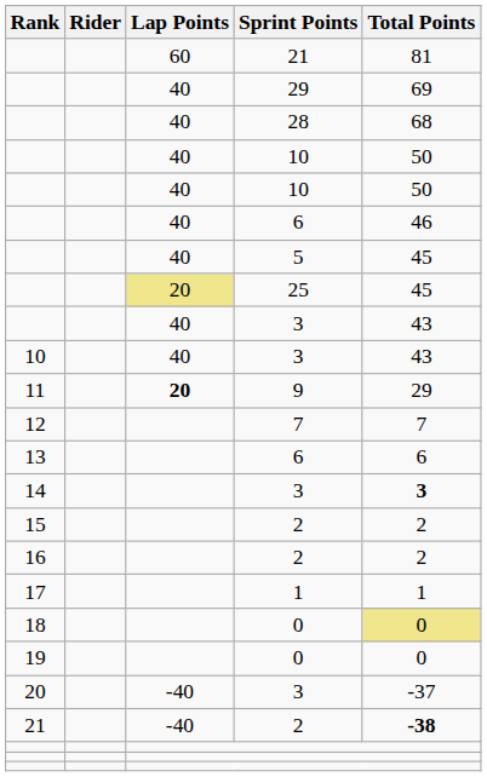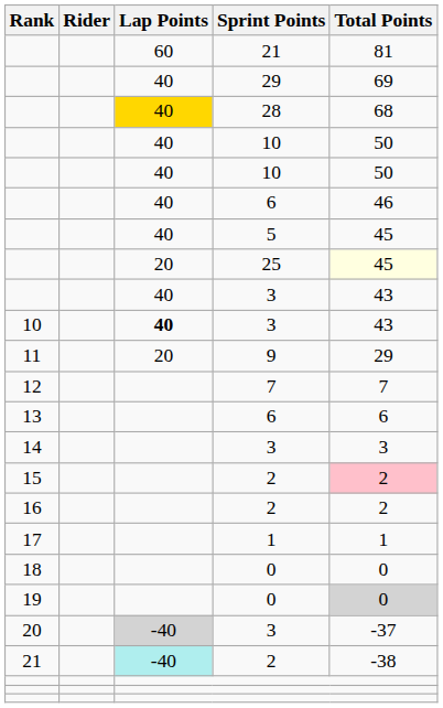 <table class="wikitable sortable" style="text-align:center">
 <tr>
 <th>Rank</th>
 <th>Rider</th>
 <th>Lap Points</th>
 <th>Sprint Points</th>
 <th>Total Points</th>
 </tr>
 <tr>
 <td></td>
 <td align=left></td>
 <td>60</td>
 <td>21</td>
 <td>81</td>
 </tr>
 <tr>
 <td></td>
 <td align=left></td>
 <td>40</td>
 <td>29</td>
 <td>69</td>
 </tr>
 <tr>
 <td></td>
 <td align=left></td>
-<td>40</td>
+<td style="background: gold;">40</td>
 <td>28</td>
 <td>68</td>
 </tr>
 <tr>
 <td></td>
 <td align=left></td>
 <td>40</td>
 <td>10</td>
 <td>50</td>
 </tr>
 <tr>
 <td></td>
 <td align=left></td>
 <td>40</td>
 <td>10</td>
 <td>50</td>
 </tr>
 <tr>
 <td></td>
 <td align=left></td>
 <td>40</td>
 <td>6</td>
 <td>46</td>
 </tr>
 <tr>
 <td></td>
 <td align=left></td>
 <td>40</td>
 <td>5</td>
 <td>45</td>
 </tr>
 <tr>
 <td></td>
 <td align=left></td>
-<td style="background: khaki;">20</td>
+<td>20</td>
 <td>25</td>
-<td>45</td>
+<td style="background: lightyellow;">45</td>
 </tr>
 <tr>
 <td></td>
 <td align=left></td>
 <td>40</td>
 <td>3</td>
 <td>43</td>
 </tr>
 <tr>
 <td>10</td>
 <td align=left></td>
-<td>40</td>
+<td><strong>40</strong></td>
 <td>3</td>
 <td>43</td>
 </tr>
 <tr>
 <td>11</td>
 <td align=left></td>
-<td><strong>20</strong></td>
+<td>20</td>
 <td>9</td>
 <td>29</td>
 </tr>
 <tr>
 <td>12</td>
 <td align=left></td>
 <td></td>
 <td>7</td>
 <td>7</td>
 </tr>
 <tr>
 <td>13</td>
 <td align=left></td>
 <td></td>
 <td>6</td>
 <td>6</td>
 </tr>
 <tr>
 <td>14</td>
 <td align=left></td>
 <td></td>
 <td>3</td>
-<td><strong>3</strong></td>
+<td>3</td>
 </tr>
 <tr>
 <td>15</td>
 <td align=left></td>
 <td></td>
 <td>2</td>
-<td>2</td>
+<td style="background: pink;">2</td>
 </tr>
 <tr>
 <td>16</td>
 <td align=left></td>
 <td></td>
 <td>2</td>
 <td>2</td>
 </tr>
 <tr>
 <td>17</td>
 <td align=left></td>
 <td></td>
 <td>1</td>
 <td>1</td>
 </tr>
 <tr>
 <td>18</td>
 <td align="left"></td>
 <td></td>
 <td>0</td>
-<td style="background: khaki;">0</td>
+<td>0</td>
 </tr>
 <tr>
 <td>19</td>
 <td align="left"></td>
 <td></td>
 <td>0</td>
-<td>0</td>
+<td style="background: lightgrey;">0</td>
 </tr>
 <tr>
 <td>20</td>
 <td align="left"></td>
-<td>-40</td>
+<td style="background: lightgrey;">-40</td>
 <td>3</td>
 <td>-37</td>
 </tr>
 <tr>
 <td>21</td>
 <td align="left"></td>
-<td>-40</td>
+<td style="background: paleturquoise;">-40</td>
 <td>2</td>
-<td><strong>-38</strong></td>
+<td>-38</td>
 </tr>
 <tr>
 <td></td>
 <td align="left"></td>
 <td colspan="3"></td>
 </tr>
 <tr>
 <td></td>
 <td align="left"></td>
 <td colspan="3"></td>
 </tr>
 <tr>
 <td></td>
 <td align="left"></td>
 <td colspan="3"></td>
 </tr>
 </table>
